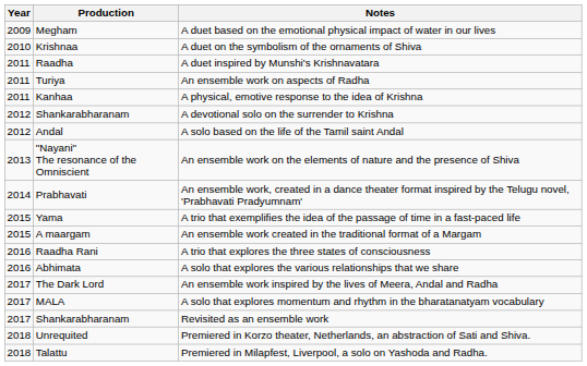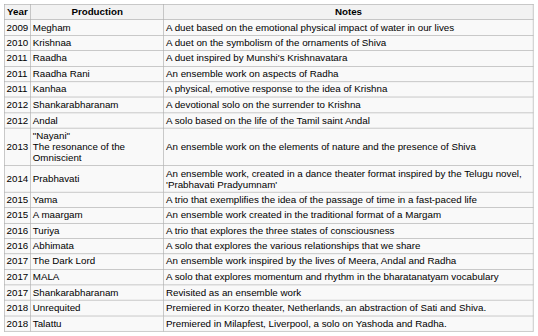 <table class="wikitable">
 <tr>
 <th>Year</th>
 <th>Production</th>
 <th>Notes</th>
 </tr>
 <tr>
 <td>2009</td>
 <td>Megham</td>
 <td>A duet based on the emotional physical impact of water in our lives</td>
 </tr>
 <tr>
 <td>2010</td>
 <td>Krishnaa</td>
 <td>A duet on the symbolism of the ornaments of Shiva</td>
 </tr>
 <tr>
 <td>2011</td>
 <td>Raadha</td>
 <td>A duet inspired by Munshi's Krishnavatara</td>
 </tr>
 <tr>
 <td>2011</td>
-<td>Turiya</td>
+<td>Raadha Rani</td>
 <td>An ensemble work on aspects of Radha</td>
 </tr>
 <tr>
 <td>2011</td>
 <td>Kanhaa</td>
 <td>A physical, emotive response to the idea of Krishna</td>
 </tr>
 <tr>
 <td>2012</td>
 <td>Shankarabharanam</td>
 <td>A devotional solo on the surrender to Krishna</td>
 </tr>
 <tr>
 <td>2012</td>
 <td>Andal</td>
 <td>A solo based on the life of the Tamil saint Andal</td>
 </tr>
 <tr>
 <td>2013</td>
 <td>"Nayani"<br>The resonance of the Omniscient <br></td>
 <td>An ensemble work on the elements of nature and the presence of Shiva</td>
 </tr>
 <tr>
 <td>2014</td>
 <td>Prabhavati</td>
 <td>An ensemble work, created in a dance theater format inspired by the Telugu novel, 'Prabhavati Pradyumnam'</td>
 </tr>
 <tr>
 <td>2015</td>
 <td>Yama</td>
 <td>A trio that exemplifies the idea of the passage of time in a fast-paced life</td>
 </tr>
 <tr>
 <td>2015</td>
 <td>A maargam</td>
 <td>An ensemble work created in the traditional format of a Margam</td>
 </tr>
 <tr>
 <td>2016</td>
-<td>Raadha Rani</td>
+<td>Turiya</td>
 <td>A trio that explores the three states of consciousness</td>
 </tr>
 <tr>
 <td>2016</td>
 <td>Abhimata</td>
 <td>A solo that explores the various relationships that we share</td>
 </tr>
 <tr>
 <td>2017</td>
 <td>The Dark Lord</td>
 <td>An ensemble work inspired by the lives of Meera, Andal and Radha</td>
 </tr>
 <tr>
 <td>2017</td>
 <td>MALA</td>
 <td>A solo that explores momentum and rhythm in the bharatanatyam vocabulary</td>
 </tr>
 <tr>
 <td>2017</td>
 <td>Shankarabharanam</td>
 <td>Revisited as an ensemble work</td>
 </tr>
 <tr>
 <td>2018</td>
 <td>Unrequited</td>
 <td>Premiered in Korzo theater, Netherlands, an abstraction of Sati and Shiva.</td>
 </tr>
 <tr>
 <td>2018</td>
 <td>Talattu</td>
 <td>Premiered in Milapfest, Liverpool, a solo on Yashoda and Radha.</td>
 </tr>
 </table>
